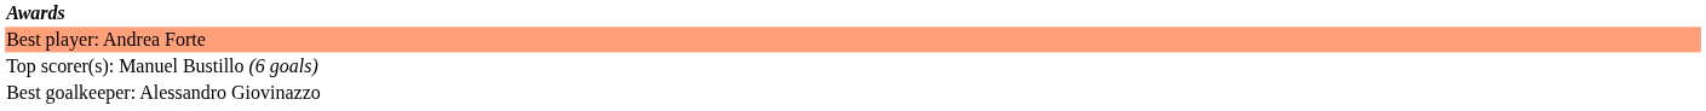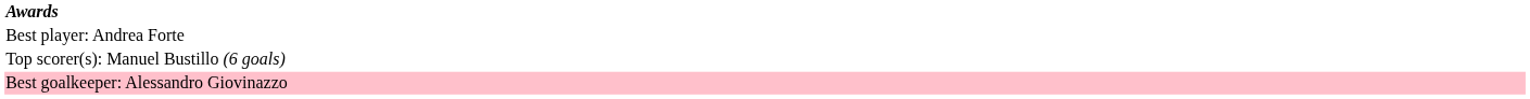 <table width=100% cellspacing=1 style="font-size: 90%;">
 <tr>
 <td><strong><em>Awards</em></strong></td>
 </tr>
 <tr>
-<td style="background: lightsalmon;">Best player:  Andrea Forte</td>
+<td>Best player:  Andrea Forte</td>
 </tr>
 <tr>
 <td colspan=4>Top scorer(s):  Manuel Bustillo <em>(6 goals)</em></td>
 </tr>
 <tr>
-<td>Best goalkeeper:  Alessandro Giovinazzo</td>
+<td style="background: pink;">Best goalkeeper:  Alessandro Giovinazzo</td>
 </tr>
 </table>
